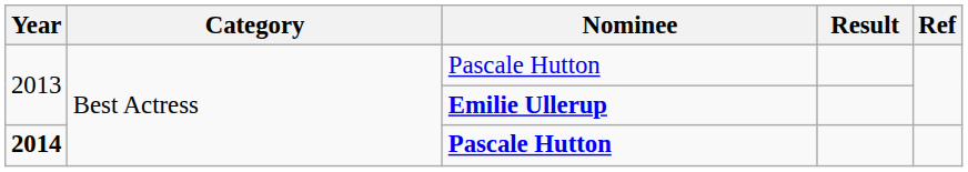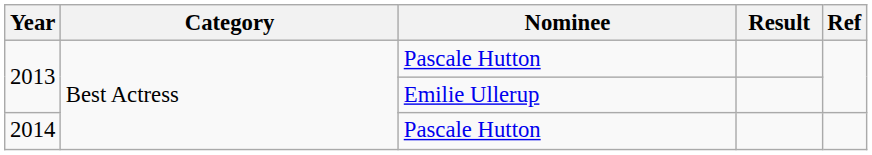 <table class="wikitable">
 <tr>
 <th width=3%>Year</th>
 <th width=40%>Category</th>
 <th width=40%>Nominee</th>
 <th width=10%>Result</th>
 <th width=2%>Ref</th>
 </tr>
 <tr>
 <td rowspan="2">2013</td>
 <td rowspan="3">Best Actress</td>
 <td><a href='#'>Pascale Hutton</a></td>
 <td></td>
 <td rowspan="2"></td>
 </tr>
 <tr>
-<td><strong><a href='#'>Emilie Ullerup</a></strong></td>
+<td><a href='#'>Emilie Ullerup</a></td>
 <td></td>
 </tr>
 <tr>
-<td><strong>2014</strong></td>
-<td><strong><a href='#'>Pascale Hutton</a></strong></td>
+<td>2014</td>
+<td><a href='#'>Pascale Hutton</a></td>
 <td></td>
 <td></td>
 </tr>
 </table>
